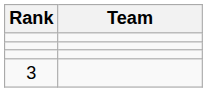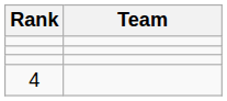 <table class=wikitable style="text-align:center;">
 <tr>
 <th width=40>Rank</th>
 <th width=120>Team</th>
 </tr>
 <tr>
 <td></td>
 <td align=left></td>
 </tr>
 <tr>
 <td></td>
 <td align=left></td>
 </tr>
 <tr>
 <td></td>
 <td align=left></td>
 </tr>
 <tr>
-<td>3</td>
+<td>4</td>
 <td align=left></td>
 </tr>
 </table>
